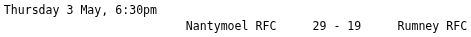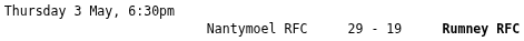 <table style="width:70%;" cellspacing="1">
 <tr>
 <th width=35%></th>
 <th width=15%></th>
 <th></th>
 </tr>
 <tr>
 <td>Thursday 3 May, 6:30pm</td>
 </tr>
 <tr>
 <td align=right>Nantymoel RFC</td>
 <td align=center>29 - 19</td>
-<td>Rumney RFC</td>
+<td><strong>Rumney RFC</strong></td>
 </tr>
 </table>
